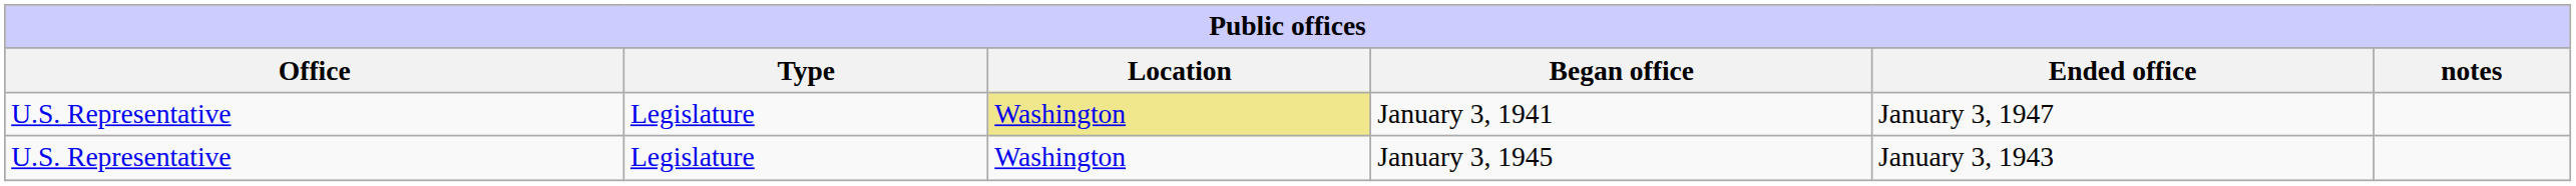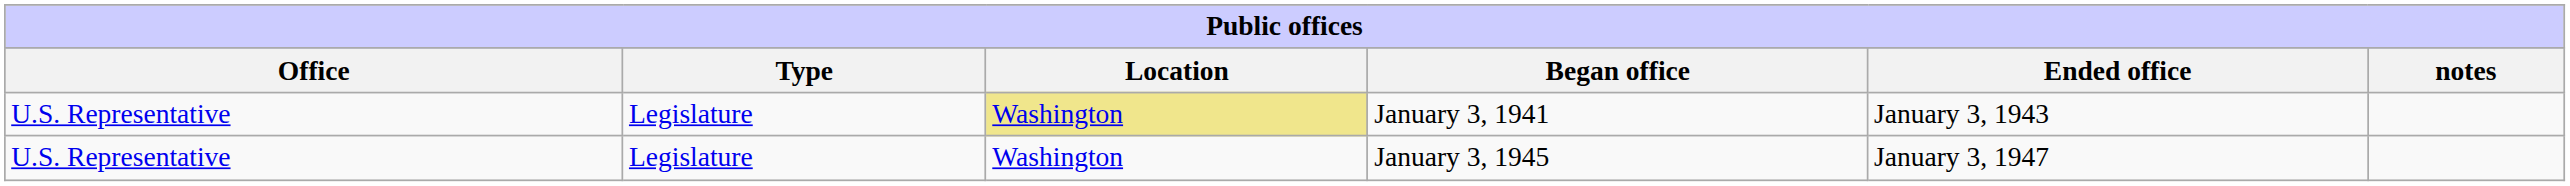 <table class=wikitable style="width: 94%" style="text-align: center;" align="center">
 <tr bgcolor=#cccccc>
 <th colspan=7 style="background: #ccccff;">Public offices</th>
 </tr>
 <tr>
 <th><strong>Office</strong></th>
 <th><strong>Type</strong></th>
 <th><strong>Location</strong></th>
 <th><strong>Began office</strong></th>
 <th><strong>Ended office</strong></th>
 <th><strong>notes</strong></th>
 </tr>
 <tr>
 <td><a href='#'>U.S. Representative</a></td>
 <td><a href='#'>Legislature</a></td>
 <td style="background: khaki;"><a href='#'>Washington</a></td>
 <td>January 3, 1941</td>
-<td>January 3, 1947</td>
+<td>January 3, 1943</td>
 <td></td>
 </tr>
 <tr>
 <td><a href='#'>U.S. Representative</a></td>
 <td><a href='#'>Legislature</a></td>
 <td><a href='#'>Washington</a></td>
 <td>January 3, 1945</td>
-<td>January 3, 1943</td>
+<td>January 3, 1947</td>
 <td></td>
 </tr>
 </table>
